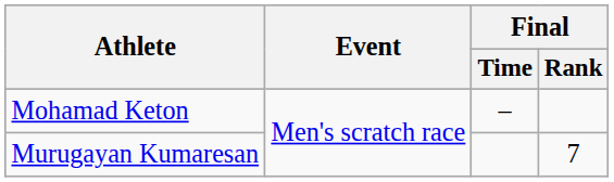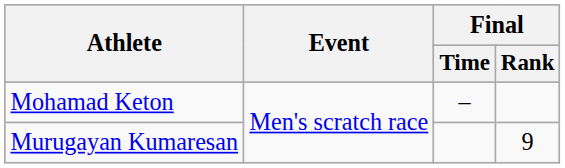 <table class="wikitable" style="font-size:90%;">
 <tr>
 <th rowspan=2>Athlete</th>
 <th rowspan=2>Event</th>
 <th colspan=2>Final</th>
 </tr>
 <tr style="font-size:95%">
 <th>Time</th>
 <th>Rank</th>
 </tr>
 <tr align=center>
 <td align=left><a href='#'>Mohamad Keton</a></td>
 <td align=left rowspan=2><a href='#'>Men's scratch race</a></td>
 <td>–</td>
 <td></td>
 </tr>
 <tr align=center>
 <td align=left><a href='#'>Murugayan Kumaresan</a></td>
 <td></td>
-<td>7</td>
+<td>9</td>
 </tr>
 </table>
